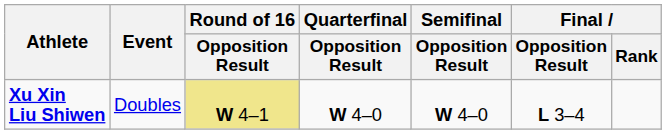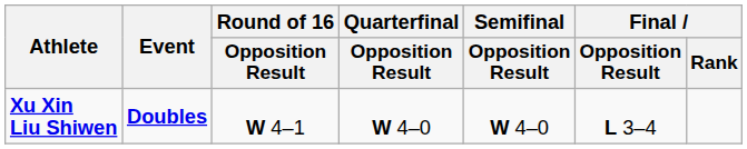 <table class="wikitable" style="font-size:90%;">
 <tr>
 <th rowspan=2>Athlete</th>
 <th rowspan=2>Event</th>
 <th>Round of 16</th>
 <th>Quarterfinal</th>
 <th>Semifinal</th>
 <th colspan=2>Final / </th>
 </tr>
 <tr style="font-size:95%">
 <th>Opposition<br>Result</th>
 <th>Opposition<br>Result</th>
 <th>Opposition<br>Result</th>
 <th>Opposition<br>Result</th>
 <th>Rank</th>
 </tr>
 <tr align=center>
 <td align=left><strong><a href='#'>Xu Xin</a><br><a href='#'>Liu Shiwen</a></strong></td>
-<td align=left><a href='#'>Doubles</a></td>
-<td style="background: khaki;"> <br> <strong>W</strong> 4–1</td>
+<td align=left><strong><a href='#'>Doubles</a></strong></td>
+<td> <br> <strong>W</strong> 4–1</td>
 <td> <br> <strong>W</strong> 4–0</td>
 <td> <br> <strong>W</strong> 4–0</td>
 <td> <br> <strong>L</strong> 3–4</td>
 <td></td>
 </tr>
 </table>
